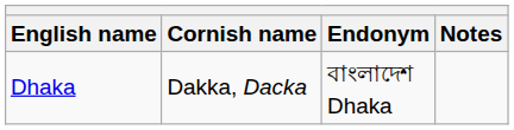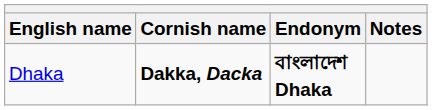 <table class="wikitable sortable">
 <tr>
 <th colspan="24"></th>
 </tr>
 <tr>
 <th>English name</th>
 <th>Cornish name</th>
 <th>Endonym</th>
 <th>Notes</th>
 </tr>
 <tr>
 <td><a href='#'>Dhaka</a></td>
-<td>Dakka, <em>Dacka</em></td>
-<td>বাংলাদেশ<br>Dhaka</td>
+<td><strong>Dakka, <em>Dacka</em></strong></td>
+<td><strong>বাংলাদেশ<br>Dhaka</strong></td>
 <td></td>
 </tr>
 </table>
